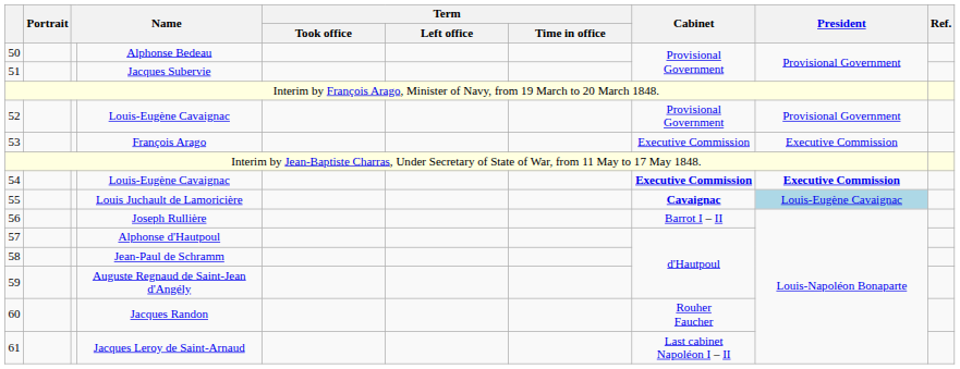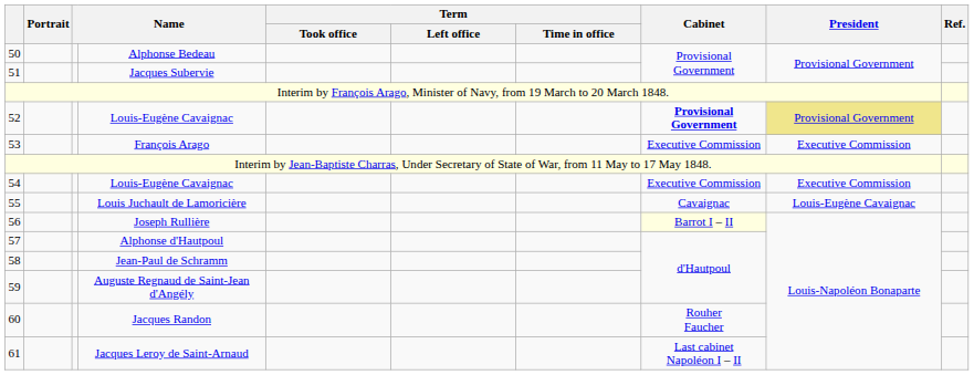 <table class="wikitable" style="text-align:center; width:100%">
 <tr>
 <th style="width:2%" rowspan=2></th>
 <th style="width:5%" rowspan=2>Portrait</th>
 <th style="width:20%" rowspan=2, colspan=2>Name</th>
 <th colspan=3>Term</th>
 <th style="width:13%" rowspan=2>Cabinet</th>
 <th rowspan=2><a href='#'>President</a></th>
 <th style="width:2%" rowspan=2>Ref.</th>
 </tr>
 <tr>
 <th style="width:13%">Took office</th>
 <th style="width:13%">Left office</th>
 <th style="width:13%">Time in office</th>
 </tr>
 <tr>
 <td>50</td>
 <td></td>
 <td style="background:"></td>
 <td><a href='#'>Alphonse Bedeau</a></td>
 <td></td>
 <td></td>
 <td></td>
 <td rowspan=2><a href='#'>Provisional Government</a></td>
 <td rowspan=2><a href='#'>Provisional Government</a></td>
 <td></td>
 </tr>
 <tr>
 <td>51</td>
 <td></td>
 <td style="background:"></td>
 <td><a href='#'>Jacques Subervie</a></td>
 <td></td>
 <td></td>
 <td></td>
 <td></td>
 </tr>
 <tr bgcolor="lightyellow">
 <td colspan=9>Interim by <a href='#'>François Arago</a>, Minister of Navy, from 19 March to 20 March 1848.</td>
 <td></td>
 </tr>
 <tr>
 <td>52</td>
 <td></td>
 <td style="background:"></td>
 <td><a href='#'>Louis-Eugène Cavaignac</a></td>
 <td></td>
 <td></td>
 <td></td>
-<td><a href='#'>Provisional Government</a></td>
-<td><a href='#'>Provisional Government</a></td>
+<td><strong><a href='#'>Provisional Government</a></strong></td>
+<td style="background: khaki;"><a href='#'>Provisional Government</a></td>
 <td></td>
 </tr>
 <tr>
 <td>53</td>
 <td></td>
 <td style="background:"></td>
 <td><a href='#'>François Arago</a></td>
 <td></td>
 <td></td>
 <td></td>
 <td><a href='#'>Executive Commission</a></td>
 <td><a href='#'>Executive Commission</a></td>
 <td></td>
 </tr>
 <tr bgcolor="lightyellow">
 <td colspan=9>Interim by <a href='#'>Jean-Baptiste Charras</a>, Under Secretary of State of War, from 11 May to 17 May 1848.</td>
 <td></td>
 </tr>
 <tr>
 <td>54</td>
 <td></td>
 <td style="background:"></td>
 <td><a href='#'>Louis-Eugène Cavaignac</a></td>
 <td></td>
 <td></td>
 <td></td>
-<td><strong><a href='#'>Executive Commission</a></strong></td>
-<td><strong><a href='#'>Executive Commission</a></strong></td>
+<td><a href='#'>Executive Commission</a></td>
+<td><a href='#'>Executive Commission</a></td>
 <td></td>
 </tr>
 <tr>
 <td>55</td>
 <td></td>
 <td style="background:"></td>
 <td><a href='#'>Louis Juchault de Lamoricière</a></td>
 <td></td>
 <td></td>
 <td></td>
-<td><strong><a href='#'>Cavaignac</a></strong></td>
-<td style="background: lightblue;"><a href='#'>Louis-Eugène Cavaignac</a></td>
+<td><a href='#'>Cavaignac</a></td>
+<td><a href='#'>Louis-Eugène Cavaignac</a></td>
 <td></td>
 </tr>
 <tr>
 <td>56</td>
 <td></td>
 <td style="background:"></td>
 <td><a href='#'>Joseph Rullière</a></td>
 <td></td>
 <td></td>
 <td></td>
-<td><a href='#'>Barrot I</a> – <a href='#'>II</a></td>
+<td style="background: lightyellow;"><a href='#'>Barrot I</a> – <a href='#'>II</a></td>
 <td rowspan=6><a href='#'>Louis-Napoléon Bonaparte</a></td>
 <td></td>
 </tr>
 <tr>
 <td>57</td>
 <td></td>
 <td style="background:"></td>
 <td><a href='#'>Alphonse d'Hautpoul</a></td>
 <td></td>
 <td></td>
 <td></td>
 <td rowspan=3><a href='#'>d'Hautpoul</a></td>
 <td></td>
 </tr>
 <tr>
 <td>58</td>
 <td></td>
 <td style="background:"></td>
 <td><a href='#'>Jean-Paul de Schramm</a></td>
 <td></td>
 <td></td>
 <td></td>
 <td></td>
 </tr>
 <tr>
 <td>59</td>
 <td></td>
 <td style="background:"></td>
 <td><a href='#'>Auguste Regnaud de Saint-Jean d'Angély</a></td>
 <td></td>
 <td></td>
 <td></td>
 <td></td>
 </tr>
 <tr>
 <td>60</td>
 <td></td>
 <td style="background:"></td>
 <td><a href='#'>Jacques Randon</a></td>
 <td></td>
 <td></td>
 <td></td>
 <td><a href='#'>Rouher</a><br><a href='#'>Faucher</a></td>
 <td></td>
 </tr>
 <tr>
 <td>61</td>
 <td></td>
 <td style="background:"></td>
 <td><a href='#'>Jacques Leroy de Saint-Arnaud</a></td>
 <td></td>
 <td></td>
 <td></td>
 <td><a href='#'>Last cabinet</a><br><a href='#'>Napoléon I</a> – <a href='#'>II</a></td>
 <td></td>
 </tr>
 </table>
